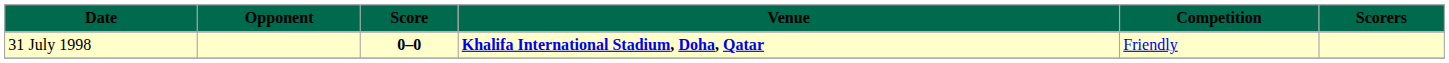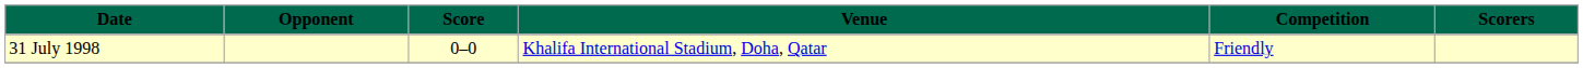 <table class="wikitable" width=100% style="text-align:left;font-size:88%;">
 <tr>
 <th style="background:#006a4e;"><span>Date</span></th>
 <th style="background:#006a4e;"><span>Opponent</span></th>
 <th style="background:#006a4e;"><span>Score</span></th>
 <th style="background:#006a4e;"><span>Venue</span></th>
 <th style="background:#006a4e;"><span>Competition</span></th>
 <th style="background:#006a4e;"><span>Scorers</span></th>
 </tr>
 <tr>
 </tr>
 <tr style="background:#ffc;">
 <td>31 July 1998</td>
 <td></td>
-<td style="text-align: center"><strong>0–0</strong></td>
-<td><strong> <a href='#'>Khalifa International Stadium</a>, <a href='#'>Doha</a>, <a href='#'>Qatar</a></strong></td>
+<td style="text-align: center">0–0</td>
+<td> <a href='#'>Khalifa International Stadium</a>, <a href='#'>Doha</a>, <a href='#'>Qatar</a></td>
 <td><a href='#'>Friendly</a></td>
 <td></td>
 </tr>
 <tr>
 </tr>
 </table>
